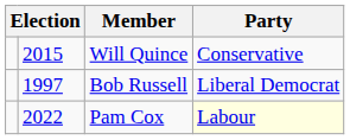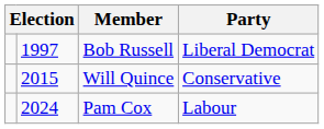 <table class="wikitable">
 <tr>
 <th colspan="2">Election</th>
 <th>Member</th>
 <th>Party</th>
+</tr>
+<tr>
+<td style="color:inherit;background-color: "></td>
+<td><a href='#'>1997</a></td>
+<td><a href='#'>Bob Russell</a></td>
+<td><a href='#'>Liberal Democrat</a></td>
 </tr>
 <tr>
 <td style="color:inherit;background-color: "></td>
 <td><a href='#'>2015</a></td>
 <td><a href='#'>Will Quince</a></td>
 <td><a href='#'>Conservative</a></td>
 </tr>
 <tr>
 <td style="color:inherit;background-color: "></td>
-<td><a href='#'>1997</a></td>
-<td><a href='#'>Bob Russell</a></td>
-<td><a href='#'>Liberal Democrat</a></td>
-</tr>
-<tr>
-<td style="color:inherit;background-color: "></td>
-<td><a href='#'>2022</a></td>
+<td><a href='#'>2024</a></td>
 <td><a href='#'>Pam Cox</a></td>
-<td style="background: lightyellow;"><a href='#'>Labour</a></td>
+<td><a href='#'>Labour</a></td>
 </tr>
 </table>
